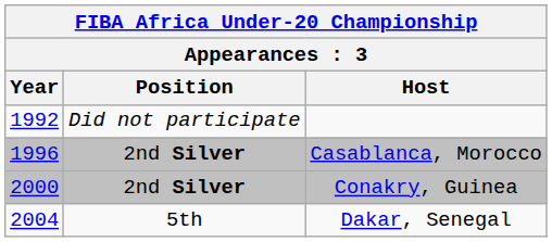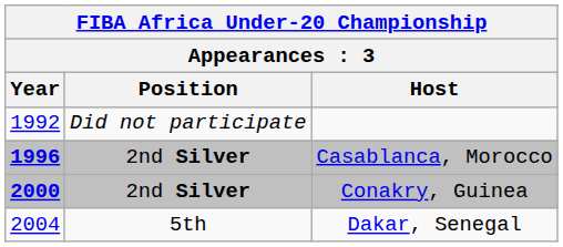 <table class="wikitable" style="text-align: center;font-size:100%;">
 <tr>
 <th colspan=20><a href='#'>FIBA Africa Under-20 Championship</a></th>
 </tr>
 <tr>
 <th colspan=20>Appearances : 3</th>
 </tr>
 <tr>
 <th>Year</th>
 <th>Position</th>
 <th>Host</th>
 </tr>
 <tr valign="top" bgcolor=>
 <td><a href='#'>1992</a></td>
 <td><em>Did not participate</em></td>
 <td></td>
 </tr>
 <tr valign="top" bgcolor=silver>
-<td> <a href='#'>1996</a></td>
+<td><strong> <a href='#'>1996</a></strong></td>
 <td>2nd <strong>Silver</strong> </td>
 <td><a href='#'>Casablanca</a>, Morocco</td>
 </tr>
 <tr valign="top" bgcolor=silver>
-<td> <a href='#'>2000</a></td>
+<td><strong> <a href='#'>2000</a></strong></td>
 <td>2nd <strong>Silver</strong> </td>
 <td><a href='#'>Conakry</a>, Guinea</td>
 </tr>
 <tr valign="top" bgcolor=>
 <td> <a href='#'>2004</a></td>
 <td>5th</td>
 <td><a href='#'>Dakar</a>, Senegal</td>
 </tr>
 </table>
